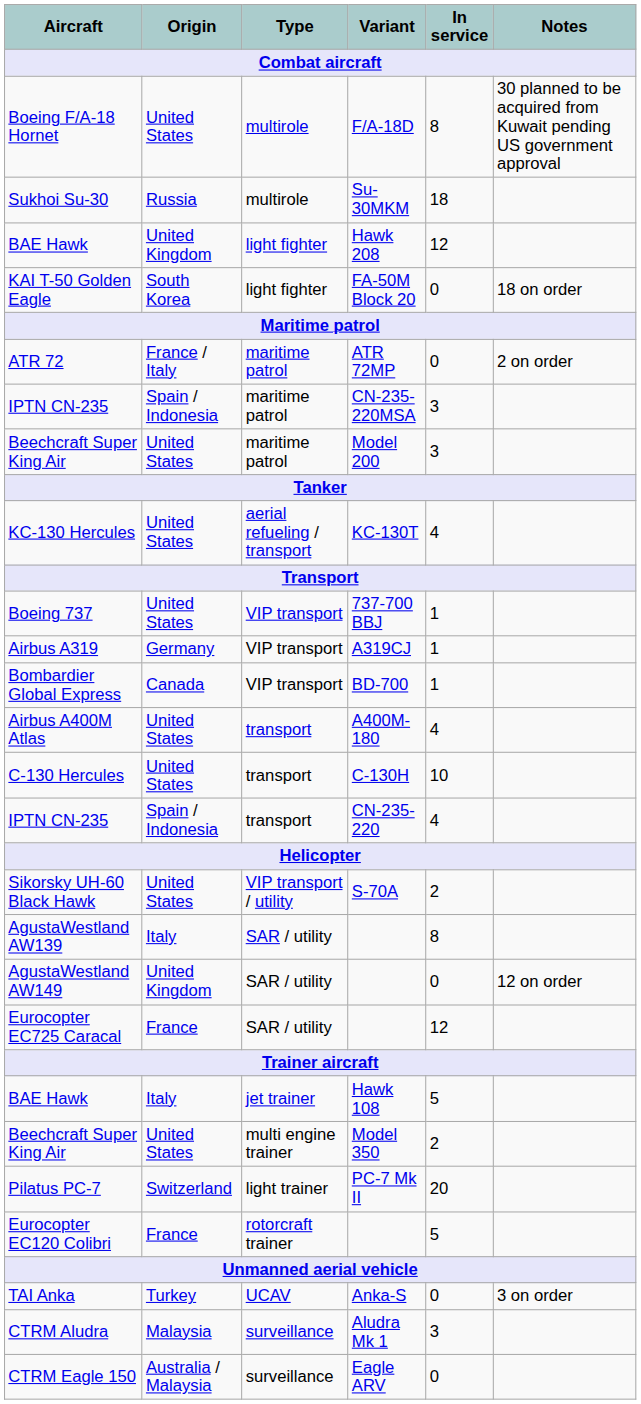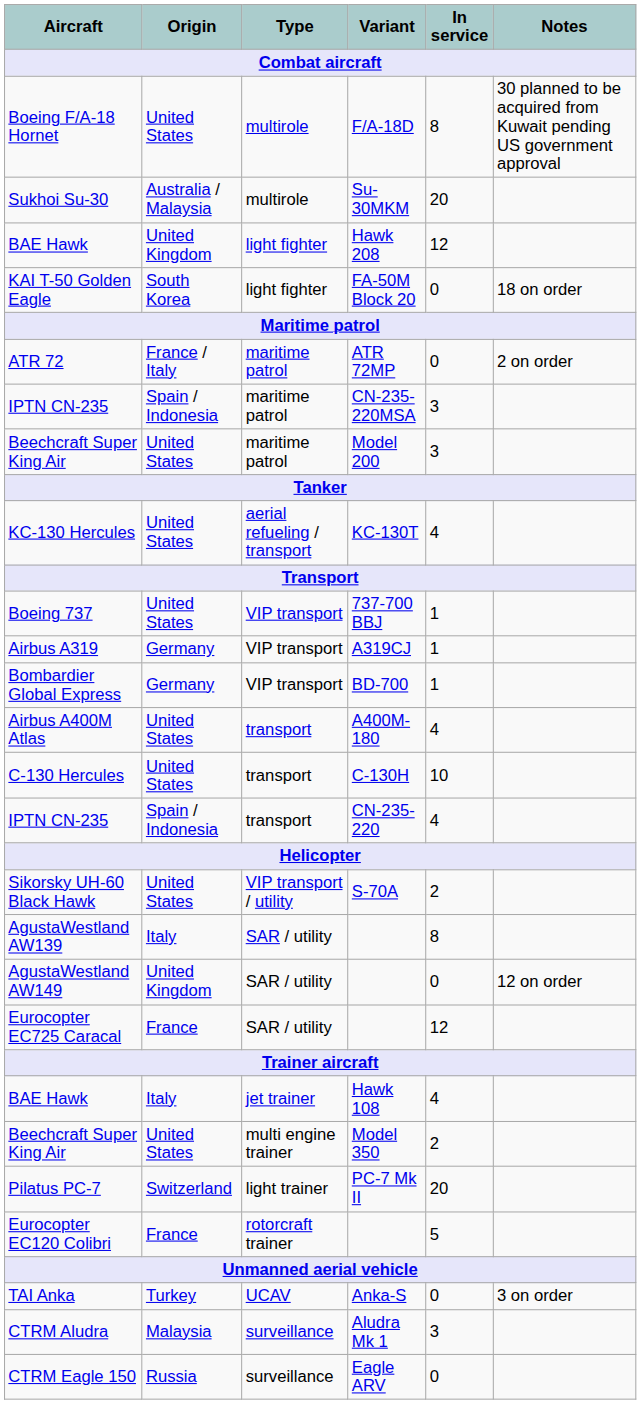 <table class="wikitable">
 <tr>
 <th style="text-align:center; background:#acc;">Aircraft</th>
 <th style="text-align:center; background:#acc;">Origin</th>
 <th style="text-align:center; background:#acc;">Type</th>
 <th style="text-align:center; background:#acc;">Variant</th>
 <th style="text-align:center; background:#acc;">In service</th>
 <th style="text-align:center; background:#acc;">Notes</th>
 </tr>
 <tr>
 <th style="align: center; background: lavender;" colspan="7"><a href='#'>Combat aircraft</a></th>
 </tr>
 <tr>
 <td><a href='#'>Boeing F/A-18 Hornet</a></td>
 <td><a href='#'>United States</a></td>
 <td><a href='#'>multirole</a></td>
 <td><a href='#'>F/A-18D</a></td>
 <td>8</td>
 <td>30 planned to be acquired from Kuwait pending US government approval</td>
 </tr>
 <tr>
 <td><a href='#'>Sukhoi Su-30</a></td>
-<td><a href='#'>Russia</a></td>
+<td><a href='#'>Australia</a> / <a href='#'>Malaysia</a></td>
 <td>multirole</td>
 <td><a href='#'>Su-30MKM</a></td>
-<td>18</td>
+<td>20</td>
 <td></td>
 </tr>
 <tr>
 <td><a href='#'>BAE Hawk</a></td>
 <td><a href='#'>United Kingdom</a></td>
 <td><a href='#'>light fighter</a></td>
 <td><a href='#'>Hawk 208</a></td>
 <td>12</td>
 <td></td>
 </tr>
 <tr>
 <td><a href='#'>KAI T-50 Golden Eagle</a></td>
 <td><a href='#'>South Korea</a></td>
 <td>light fighter</td>
 <td><a href='#'>FA-50M Block 20</a></td>
 <td>0</td>
 <td>18 on order</td>
 </tr>
 <tr>
 <th style="align: center; background: lavender;" colspan="7"><a href='#'>Maritime patrol</a></th>
 </tr>
 <tr>
 <td><a href='#'>ATR 72</a></td>
 <td><a href='#'>France</a> / <a href='#'>Italy</a></td>
 <td><a href='#'>maritime patrol</a></td>
 <td><a href='#'>ATR 72MP</a></td>
 <td>0</td>
 <td>2 on order</td>
 </tr>
 <tr>
 <td><a href='#'>IPTN CN-235</a></td>
 <td><a href='#'>Spain</a> / <a href='#'>Indonesia</a></td>
 <td>maritime patrol</td>
 <td><a href='#'>CN-235-220MSA</a></td>
 <td>3</td>
 <td></td>
 </tr>
 <tr>
 <td><a href='#'>Beechcraft Super King Air</a></td>
 <td><a href='#'>United States</a></td>
 <td>maritime patrol</td>
 <td><a href='#'>Model 200</a></td>
 <td>3</td>
 <td></td>
 </tr>
 <tr>
 <th style="align: center; background: lavender;" colspan="7"><a href='#'>Tanker</a></th>
 </tr>
 <tr>
 <td><a href='#'>KC-130 Hercules</a></td>
 <td><a href='#'>United States</a></td>
 <td><a href='#'>aerial refueling</a> / <a href='#'>transport</a></td>
 <td><a href='#'>KC-130T</a></td>
 <td>4</td>
 <td></td>
 </tr>
 <tr>
 <th style="align: center; background: lavender;" colspan="7"><a href='#'>Transport</a></th>
 </tr>
 <tr>
 <td><a href='#'>Boeing 737</a></td>
 <td><a href='#'>United States</a></td>
 <td><a href='#'>VIP transport</a></td>
 <td><a href='#'>737-700</a> <a href='#'>BBJ</a></td>
 <td>1</td>
 <td></td>
 </tr>
 <tr>
 <td><a href='#'>Airbus A319</a></td>
 <td><a href='#'>Germany</a></td>
 <td>VIP transport</td>
 <td><a href='#'>A319CJ</a></td>
 <td>1</td>
 <td></td>
 </tr>
 <tr>
 <td><a href='#'>Bombardier Global Express</a></td>
-<td><a href='#'>Canada</a></td>
+<td><a href='#'>Germany</a></td>
 <td>VIP transport</td>
 <td><a href='#'>BD-700</a></td>
 <td>1</td>
 <td></td>
 </tr>
 <tr>
 <td><a href='#'>Airbus A400M Atlas</a></td>
 <td><a href='#'>United States</a></td>
 <td><a href='#'>transport</a></td>
 <td><a href='#'>A400M-180</a></td>
 <td>4</td>
 <td></td>
 </tr>
 <tr>
 <td><a href='#'>C-130 Hercules</a></td>
 <td><a href='#'>United States</a></td>
 <td>transport</td>
 <td><a href='#'>C-130H</a></td>
 <td>10</td>
 <td></td>
 </tr>
 <tr>
 <td><a href='#'>IPTN CN-235</a></td>
 <td><a href='#'>Spain</a> / <a href='#'>Indonesia</a></td>
 <td>transport</td>
 <td><a href='#'>CN-235-220</a></td>
 <td>4</td>
 <td></td>
 </tr>
 <tr>
 <th style="align: center; background: lavender;" colspan="7"><a href='#'>Helicopter</a></th>
 </tr>
 <tr>
 <td><a href='#'>Sikorsky UH-60 Black Hawk</a></td>
 <td><a href='#'>United States</a></td>
 <td><a href='#'>VIP transport</a> / <a href='#'>utility</a></td>
 <td><a href='#'>S-70A</a></td>
 <td>2</td>
 <td></td>
 </tr>
 <tr>
 <td><a href='#'>AgustaWestland AW139</a></td>
 <td><a href='#'>Italy</a></td>
 <td><a href='#'>SAR</a> / utility</td>
 <td></td>
 <td>8</td>
 <td></td>
 </tr>
 <tr>
 <td><a href='#'>AgustaWestland AW149</a></td>
 <td><a href='#'>United Kingdom</a></td>
 <td>SAR / utility</td>
 <td></td>
 <td>0</td>
 <td>12 on order</td>
 </tr>
 <tr>
 <td><a href='#'>Eurocopter EC725 Caracal</a></td>
 <td><a href='#'>France</a></td>
 <td>SAR / utility</td>
 <td></td>
 <td>12</td>
 <td></td>
 </tr>
 <tr>
 <th style="align: center; background: lavender;" colspan="7"><a href='#'>Trainer aircraft</a></th>
 </tr>
 <tr>
 <td><a href='#'>BAE Hawk</a></td>
 <td><a href='#'>Italy</a></td>
 <td><a href='#'>jet trainer</a></td>
 <td><a href='#'>Hawk 108</a></td>
-<td>5</td>
+<td>4</td>
 <td></td>
 </tr>
 <tr>
 <td><a href='#'>Beechcraft Super King Air</a></td>
 <td><a href='#'>United States</a></td>
 <td>multi engine trainer</td>
 <td><a href='#'>Model 350</a></td>
 <td>2</td>
 <td></td>
 </tr>
 <tr>
 <td><a href='#'>Pilatus PC-7</a></td>
 <td><a href='#'>Switzerland</a></td>
 <td>light trainer</td>
 <td><a href='#'>PC-7 Mk II</a></td>
 <td>20</td>
 <td></td>
 </tr>
 <tr>
 <td><a href='#'>Eurocopter EC120 Colibri</a></td>
 <td><a href='#'>France</a></td>
 <td><a href='#'>rotorcraft</a> trainer</td>
 <td></td>
 <td>5</td>
 <td></td>
 </tr>
 <tr>
 <th style="align: center; background: lavender;" colspan="7"><a href='#'>Unmanned aerial vehicle</a></th>
 </tr>
 <tr>
 <td><a href='#'>TAI Anka</a></td>
 <td><a href='#'>Turkey</a></td>
 <td><a href='#'>UCAV</a></td>
 <td><a href='#'>Anka-S</a></td>
 <td>0</td>
 <td>3 on order</td>
 </tr>
 <tr>
 <td><a href='#'>CTRM Aludra</a></td>
 <td><a href='#'>Malaysia</a></td>
 <td><a href='#'>surveillance</a></td>
 <td><a href='#'>Aludra Mk 1</a></td>
 <td>3</td>
 <td></td>
 </tr>
 <tr>
 <td><a href='#'>CTRM Eagle 150</a></td>
-<td><a href='#'>Australia</a> / <a href='#'>Malaysia</a></td>
+<td><a href='#'>Russia</a></td>
 <td>surveillance</td>
 <td><a href='#'>Eagle ARV</a></td>
 <td>0</td>
 <td></td>
 </tr>
 </table>
